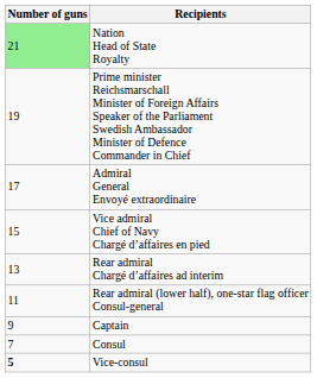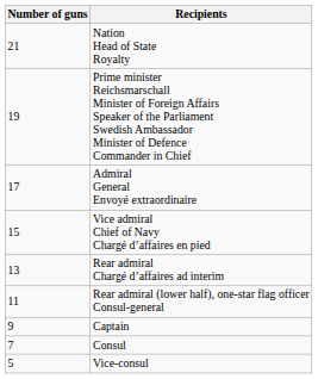 <table class="wikitable sortable">
 <tr>
 <th>Number of guns</th>
 <th>Recipients</th>
 </tr>
 <tr>
-<td style="background: lightgreen;">21</td>
+<td>21</td>
 <td>Nation <br> Head of State <br> Royalty</td>
 </tr>
 <tr>
 <td>19</td>
 <td>Prime minister <br> Reichsmarschall <br> Minister of Foreign Affairs <br> Speaker of the Parliament <br> Swedish Ambassador <br> Minister of Defence <br> Commander in Chief</td>
 </tr>
 <tr>
 <td>17</td>
 <td>Admiral <br> General <br> Envoyé extraordinaire</td>
 </tr>
 <tr>
 <td>15</td>
 <td>Vice admiral <br> Chief of Navy <br> Chargé d’affaires en pied</td>
 </tr>
 <tr>
 <td>13</td>
 <td>Rear admiral <br> Chargé d’affaires ad interim</td>
 </tr>
 <tr>
 <td>11</td>
 <td>Rear admiral (lower half), one-star flag officer <br> Consul-general</td>
 </tr>
 <tr>
 <td>9</td>
 <td>Captain</td>
 </tr>
 <tr>
 <td>7</td>
 <td>Consul</td>
 </tr>
 <tr>
-<td><strong>5</strong></td>
+<td>5</td>
 <td>Vice-consul</td>
 </tr>
 </table>
